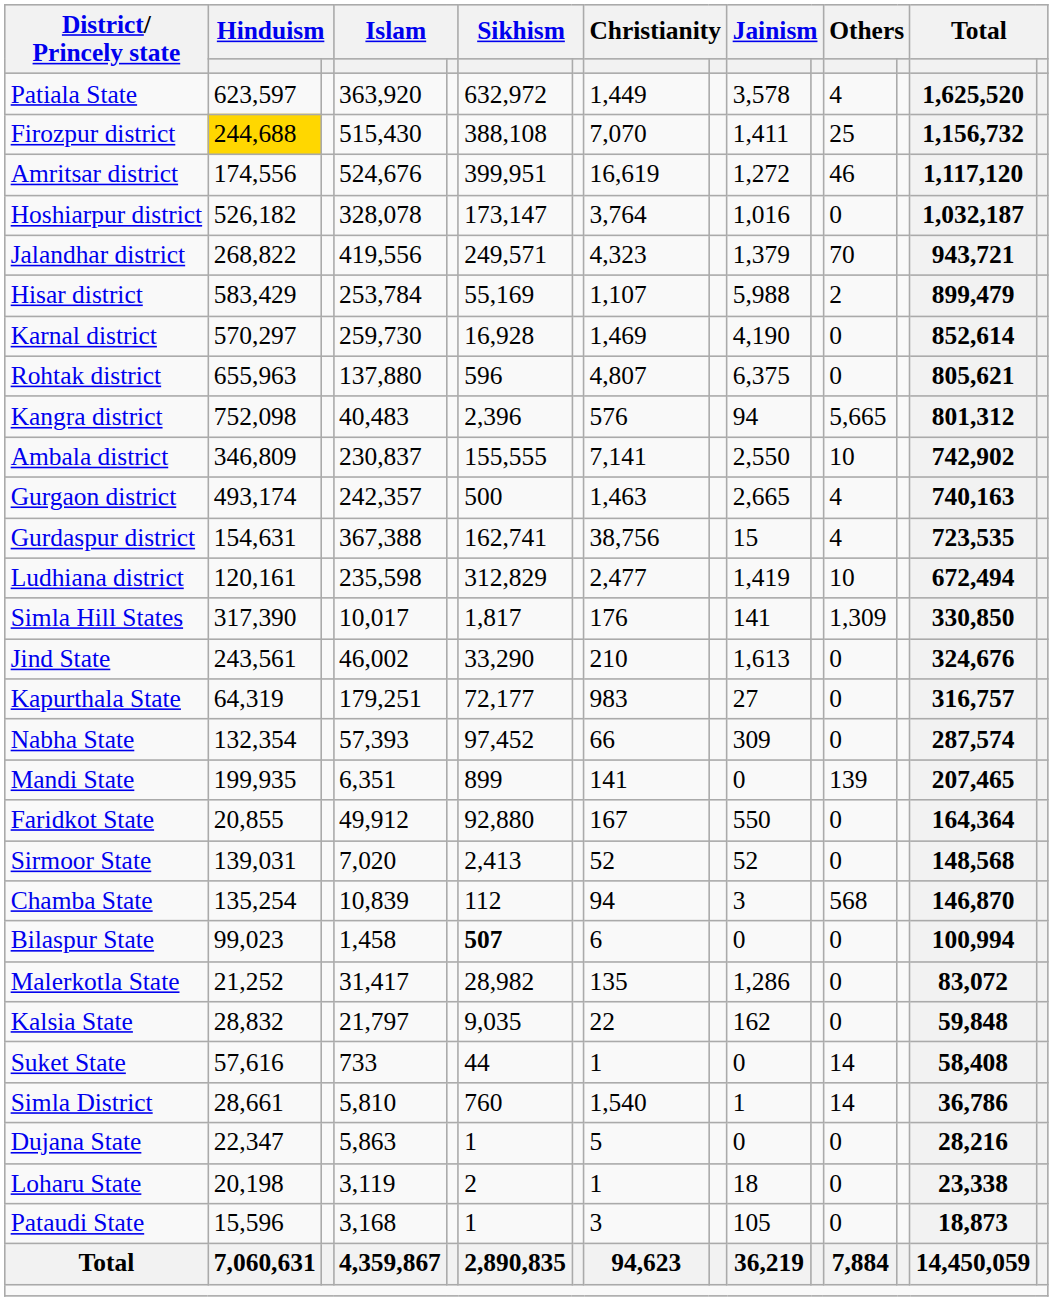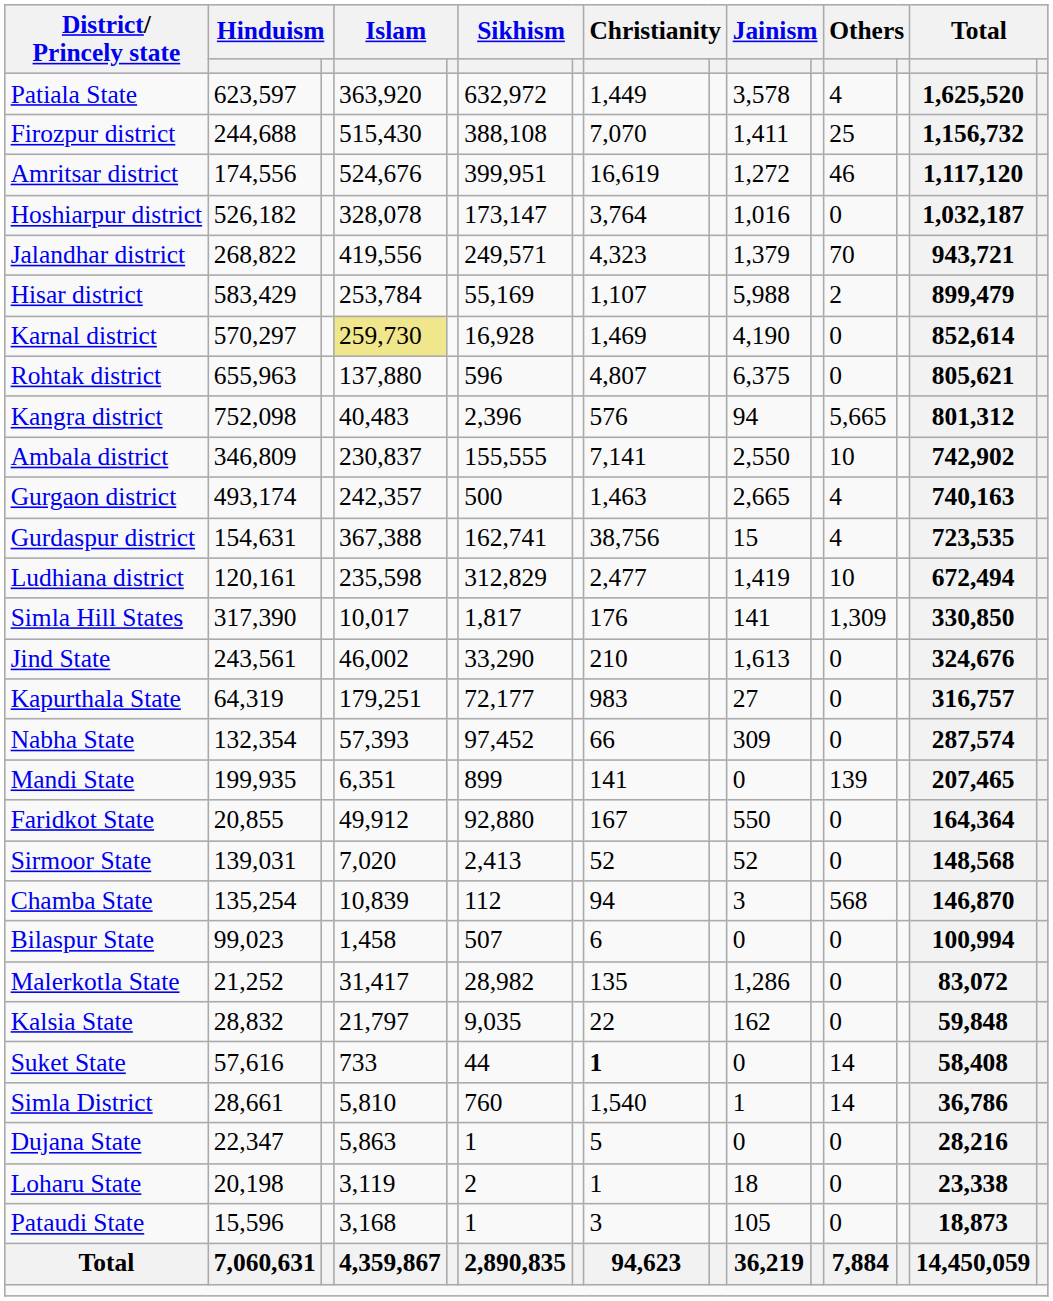 <table class="wikitable sortable">
 <tr>
 <th rowspan="2"><a href='#'>District</a>/<br><a href='#'>Princely state</a></th>
 <th colspan="2"><a href='#'>Hinduism</a> </th>
 <th colspan="2"><a href='#'>Islam</a> </th>
 <th colspan="2"><a href='#'>Sikhism</a> </th>
 <th colspan="2">Christianity </th>
 <th colspan="2"><a href='#'>Jainism</a> </th>
 <th colspan="2">Others</th>
 <th colspan="2">Total</th>
 </tr>
 <tr>
 <th><a href='#'></a></th>
 <th></th>
 <th></th>
 <th></th>
 <th></th>
 <th></th>
 <th></th>
 <th></th>
 <th></th>
 <th></th>
 <th></th>
 <th></th>
 <th></th>
 <th></th>
 </tr>
 <tr>
 <td><a href='#'>Patiala State</a></td>
 <td>623,597</td>
 <td></td>
 <td>363,920</td>
 <td></td>
 <td>632,972</td>
 <td></td>
 <td>1,449</td>
 <td></td>
 <td>3,578</td>
 <td></td>
 <td>4</td>
 <td></td>
 <th>1,625,520</th>
 <th></th>
 </tr>
 <tr>
 <td><a href='#'>Firozpur district</a></td>
-<td style="background: gold;">244,688</td>
+<td>244,688</td>
 <td></td>
 <td>515,430</td>
 <td></td>
 <td>388,108</td>
 <td></td>
 <td>7,070</td>
 <td></td>
 <td>1,411</td>
 <td></td>
 <td>25</td>
 <td></td>
 <th>1,156,732</th>
 <th></th>
 </tr>
 <tr>
 <td><a href='#'>Amritsar district</a></td>
 <td>174,556</td>
 <td></td>
 <td>524,676</td>
 <td></td>
 <td>399,951</td>
 <td></td>
 <td>16,619</td>
 <td></td>
 <td>1,272</td>
 <td></td>
 <td>46</td>
 <td></td>
 <th>1,117,120</th>
 <th></th>
 </tr>
 <tr>
 <td><a href='#'>Hoshiarpur district</a></td>
 <td>526,182</td>
 <td></td>
 <td>328,078</td>
 <td></td>
 <td>173,147</td>
 <td></td>
 <td>3,764</td>
 <td></td>
 <td>1,016</td>
 <td></td>
 <td>0</td>
 <td></td>
 <th>1,032,187</th>
 <th></th>
 </tr>
 <tr>
 <td><a href='#'>Jalandhar district</a></td>
 <td>268,822</td>
 <td></td>
 <td>419,556</td>
 <td></td>
 <td>249,571</td>
 <td></td>
 <td>4,323</td>
 <td></td>
 <td>1,379</td>
 <td></td>
 <td>70</td>
 <td></td>
 <th>943,721</th>
 <th></th>
 </tr>
 <tr>
 <td><a href='#'>Hisar district</a></td>
 <td>583,429</td>
 <td></td>
 <td>253,784</td>
 <td></td>
 <td>55,169</td>
 <td></td>
 <td>1,107</td>
 <td></td>
 <td>5,988</td>
 <td></td>
 <td>2</td>
 <td></td>
 <th>899,479</th>
 <th></th>
 </tr>
 <tr>
 <td><a href='#'>Karnal district</a></td>
 <td>570,297</td>
 <td></td>
-<td>259,730</td>
+<td style="background: khaki;">259,730</td>
 <td></td>
 <td>16,928</td>
 <td></td>
 <td>1,469</td>
 <td></td>
 <td>4,190</td>
 <td></td>
 <td>0</td>
 <td></td>
 <th>852,614</th>
 <th></th>
 </tr>
 <tr>
 <td><a href='#'>Rohtak district</a></td>
 <td>655,963</td>
 <td></td>
 <td>137,880</td>
 <td></td>
 <td>596</td>
 <td></td>
 <td>4,807</td>
 <td></td>
 <td>6,375</td>
 <td></td>
 <td>0</td>
 <td></td>
 <th>805,621</th>
 <th></th>
 </tr>
 <tr>
 <td><a href='#'>Kangra district</a></td>
 <td>752,098</td>
 <td></td>
 <td>40,483</td>
 <td></td>
 <td>2,396</td>
 <td></td>
 <td>576</td>
 <td></td>
 <td>94</td>
 <td></td>
 <td>5,665</td>
 <td></td>
 <th>801,312</th>
 <th></th>
 </tr>
 <tr>
 <td><a href='#'>Ambala district</a></td>
 <td>346,809</td>
 <td></td>
 <td>230,837</td>
 <td></td>
 <td>155,555</td>
 <td></td>
 <td>7,141</td>
 <td></td>
 <td>2,550</td>
 <td></td>
 <td>10</td>
 <td></td>
 <th>742,902</th>
 <th></th>
 </tr>
 <tr>
 <td><a href='#'>Gurgaon district</a></td>
 <td>493,174</td>
 <td></td>
 <td>242,357</td>
 <td></td>
 <td>500</td>
 <td></td>
 <td>1,463</td>
 <td></td>
 <td>2,665</td>
 <td></td>
 <td>4</td>
 <td></td>
 <th>740,163</th>
 <th></th>
 </tr>
 <tr>
 <td><a href='#'>Gurdaspur district</a></td>
 <td>154,631</td>
 <td></td>
 <td>367,388</td>
 <td></td>
 <td>162,741</td>
 <td></td>
 <td>38,756</td>
 <td></td>
 <td>15</td>
 <td></td>
 <td>4</td>
 <td></td>
 <th>723,535</th>
 <th></th>
 </tr>
 <tr>
 <td><a href='#'>Ludhiana district</a></td>
 <td>120,161</td>
 <td></td>
 <td>235,598</td>
 <td></td>
 <td>312,829</td>
 <td></td>
 <td>2,477</td>
 <td></td>
 <td>1,419</td>
 <td></td>
 <td>10</td>
 <td></td>
 <th>672,494</th>
 <th></th>
 </tr>
 <tr>
 <td><a href='#'>Simla Hill States</a></td>
 <td>317,390</td>
 <td></td>
 <td>10,017</td>
 <td></td>
 <td>1,817</td>
 <td></td>
 <td>176</td>
 <td></td>
 <td>141</td>
 <td></td>
 <td>1,309</td>
 <td></td>
 <th>330,850</th>
 <th></th>
 </tr>
 <tr>
 <td><a href='#'>Jind State</a></td>
 <td>243,561</td>
 <td></td>
 <td>46,002</td>
 <td></td>
 <td>33,290</td>
 <td></td>
 <td>210</td>
 <td></td>
 <td>1,613</td>
 <td></td>
 <td>0</td>
 <td></td>
 <th>324,676</th>
 <th></th>
 </tr>
 <tr>
 <td><a href='#'>Kapurthala State</a></td>
 <td>64,319</td>
 <td></td>
 <td>179,251</td>
 <td></td>
 <td>72,177</td>
 <td></td>
 <td>983</td>
 <td></td>
 <td>27</td>
 <td></td>
 <td>0</td>
 <td></td>
 <th>316,757</th>
 <th></th>
 </tr>
 <tr>
 <td><a href='#'>Nabha State</a></td>
 <td>132,354</td>
 <td></td>
 <td>57,393</td>
 <td></td>
 <td>97,452</td>
 <td></td>
 <td>66</td>
 <td></td>
 <td>309</td>
 <td></td>
 <td>0</td>
 <td></td>
 <th>287,574</th>
 <th></th>
 </tr>
 <tr>
 <td><a href='#'>Mandi State</a></td>
 <td>199,935</td>
 <td></td>
 <td>6,351</td>
 <td></td>
 <td>899</td>
 <td></td>
 <td>141</td>
 <td></td>
 <td>0</td>
 <td></td>
 <td>139</td>
 <td></td>
 <th>207,465</th>
 <th></th>
 </tr>
 <tr>
 <td><a href='#'>Faridkot State</a></td>
 <td>20,855</td>
 <td></td>
 <td>49,912</td>
 <td></td>
 <td>92,880</td>
 <td></td>
 <td>167</td>
 <td></td>
 <td>550</td>
 <td></td>
 <td>0</td>
 <td></td>
 <th>164,364</th>
 <th></th>
 </tr>
 <tr>
 <td><a href='#'>Sirmoor State</a></td>
 <td>139,031</td>
 <td></td>
 <td>7,020</td>
 <td></td>
 <td>2,413</td>
 <td></td>
 <td>52</td>
 <td></td>
 <td>52</td>
 <td></td>
 <td>0</td>
 <td></td>
 <th>148,568</th>
 <th></th>
 </tr>
 <tr>
 <td><a href='#'>Chamba State</a></td>
 <td>135,254</td>
 <td></td>
 <td>10,839</td>
 <td></td>
 <td>112</td>
 <td></td>
 <td>94</td>
 <td></td>
 <td>3</td>
 <td></td>
 <td>568</td>
 <td></td>
 <th>146,870</th>
 <th></th>
 </tr>
 <tr>
 <td><a href='#'>Bilaspur State</a></td>
 <td>99,023</td>
 <td></td>
 <td>1,458</td>
 <td></td>
-<td><strong>507</strong></td>
+<td>507</td>
 <td></td>
 <td>6</td>
 <td></td>
 <td>0</td>
 <td></td>
 <td>0</td>
 <td></td>
 <th>100,994</th>
 <th></th>
 </tr>
 <tr>
 <td><a href='#'>Malerkotla State</a></td>
 <td>21,252</td>
 <td></td>
 <td>31,417</td>
 <td></td>
 <td>28,982</td>
 <td></td>
 <td>135</td>
 <td></td>
 <td>1,286</td>
 <td></td>
 <td>0</td>
 <td></td>
 <th>83,072</th>
 <th></th>
 </tr>
 <tr>
 <td><a href='#'>Kalsia State</a></td>
 <td>28,832</td>
 <td></td>
 <td>21,797</td>
 <td></td>
 <td>9,035</td>
 <td></td>
 <td>22</td>
 <td></td>
 <td>162</td>
 <td></td>
 <td>0</td>
 <td></td>
 <th>59,848</th>
 <th></th>
 </tr>
 <tr>
 <td><a href='#'>Suket State</a></td>
 <td>57,616</td>
 <td></td>
 <td>733</td>
 <td></td>
 <td>44</td>
 <td></td>
-<td>1</td>
+<td><strong>1</strong></td>
 <td></td>
 <td>0</td>
 <td></td>
 <td>14</td>
 <td></td>
 <th>58,408</th>
 <th></th>
 </tr>
 <tr>
 <td><a href='#'>Simla District</a></td>
 <td>28,661</td>
 <td></td>
 <td>5,810</td>
 <td></td>
 <td>760</td>
 <td></td>
 <td>1,540</td>
 <td></td>
 <td>1</td>
 <td></td>
 <td>14</td>
 <td></td>
 <th>36,786</th>
 <th></th>
 </tr>
 <tr>
 <td><a href='#'>Dujana State</a></td>
 <td>22,347</td>
 <td></td>
 <td>5,863</td>
 <td></td>
 <td>1</td>
 <td></td>
 <td>5</td>
 <td></td>
 <td>0</td>
 <td></td>
 <td>0</td>
 <td></td>
 <th>28,216</th>
 <th></th>
 </tr>
 <tr>
 <td><a href='#'>Loharu State</a></td>
 <td>20,198</td>
 <td></td>
 <td>3,119</td>
 <td></td>
 <td>2</td>
 <td></td>
 <td>1</td>
 <td></td>
 <td>18</td>
 <td></td>
 <td>0</td>
 <td></td>
 <th>23,338</th>
 <th></th>
 </tr>
 <tr>
 <td><a href='#'>Pataudi State</a></td>
 <td>15,596</td>
 <td></td>
 <td>3,168</td>
 <td></td>
 <td>1</td>
 <td></td>
 <td>3</td>
 <td></td>
 <td>105</td>
 <td></td>
 <td>0</td>
 <td></td>
 <th>18,873</th>
 <th></th>
 </tr>
 <tr>
 <th>Total</th>
 <th>7,060,631</th>
 <th></th>
 <th>4,359,867</th>
 <th></th>
 <th>2,890,835</th>
 <th></th>
 <th>94,623</th>
 <th></th>
 <th>36,219</th>
 <th></th>
 <th>7,884</th>
 <th></th>
 <th>14,450,059</th>
 <th></th>
 </tr>
 <tr class="sortbottom">
 <td colspan="15"></td>
 </tr>
 </table>
